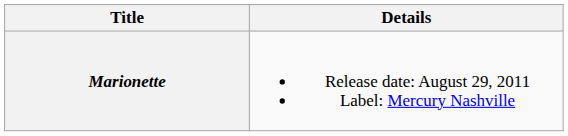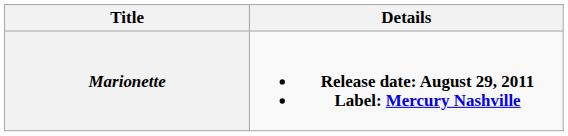 <table class="wikitable plainrowheaders" style="text-align:center;">
 <tr>
 <th style="width:14em;">Title</th>
 <th style="width:18em;">Details</th>
 </tr>
 <tr>
 <th scope="row"><em>Marionette</em></th>
-<td><br><ul><li>Release date: August 29, 2011</li><li>Label: <a href='#'>Mercury Nashville</a></li></ul></td>
+<td><strong><br><ul><li>Release date: August 29, 2011</li><li>Label: <a href='#'>Mercury Nashville</a></li></ul></strong></td>
 </tr>
 </table>
